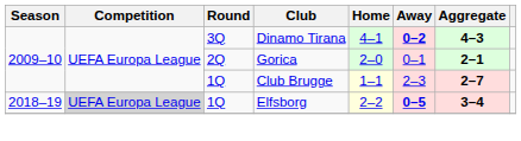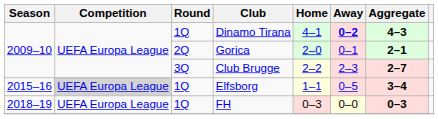 <table class="wikitable">
 <tr>
 <th>Season</th>
 <th>Competition</th>
 <th>Round</th>
 <th>Club</th>
 <th>Home</th>
 <th>Away</th>
 <th>Aggregate</th>
 <th></th>
 </tr>
 <tr>
 <td rowspan="3"><a href='#'>2009–10</a></td>
 <td rowspan="3"><a href='#'>UEFA Europa League</a></td>
-<td><a href='#'>3Q</a></td>
+<td><a href='#'>1Q</a></td>
 <td> <a href='#'>Dinamo Tirana</a></td>
 <td bgcolor="#ddffdd" style="text-align:center;"><a href='#'>4–1</a></td>
 <td bgcolor="#ffdddd" style="text-align:center;"><strong><a href='#'>0–2</a></strong></td>
 <td bgcolor="#ddffdd" style="text-align:center;"><strong>4–3</strong></td>
 <td></td>
 </tr>
 <tr>
 <td><a href='#'>2Q</a></td>
 <td> <a href='#'>Gorica</a></td>
 <td bgcolor="#ddffdd" style="text-align:center;"><a href='#'>2–0</a></td>
 <td bgcolor="#ffdddd" style="text-align:center;"><a href='#'>0–1</a></td>
 <td bgcolor="#ddffdd" style="text-align:center;"><strong>2–1</strong></td>
 <td></td>
 </tr>
 <tr>
-<td><a href='#'>1Q</a></td>
+<td><a href='#'>3Q</a></td>
 <td> <a href='#'>Club Brugge</a></td>
-<td bgcolor="#ffffdd" style="text-align:center;"><a href='#'>1–1</a></td>
+<td bgcolor="#ffffdd" style="text-align:center;"><a href='#'>2–2</a></td>
 <td bgcolor="#ffdddd" style="text-align:center;"><a href='#'>2–3</a></td>
 <td bgcolor="#ffdddd" style="text-align:center;"><strong>2–7</strong></td>
 <td></td>
 </tr>
 <tr>
-<td><a href='#'>2018–19</a></td>
+<td><a href='#'>2015–16</a></td>
 <td style="background: lightgrey;"><a href='#'>UEFA Europa League</a></td>
 <td><a href='#'>1Q</a></td>
 <td> <a href='#'>Elfsborg</a></td>
-<td bgcolor="#ffffdd" style="text-align:center;"><a href='#'>2–2</a></td>
-<td bgcolor="#ffdddd" style="text-align:center;"><strong><a href='#'>0–5</a></strong></td>
+<td bgcolor="#ffffdd" style="text-align:center;"><a href='#'>1–1</a></td>
+<td bgcolor="#ffdddd" style="text-align:center;"><a href='#'>0–5</a></td>
 <td bgcolor="#ffdddd" style="text-align:center;"><strong>3–4</strong></td>
+<td></td>
+</tr>
+<tr>
+<td><a href='#'>2018–19</a></td>
+<td><a href='#'>UEFA Europa League</a></td>
+<td><a href='#'>1Q</a></td>
+<td> <a href='#'>FH</a></td>
+<td bgcolor="#ffdddd" style="text-align:center;">0–3</td>
+<td bgcolor="#ffffdd" style="text-align:center;">0–0</td>
+<td bgcolor="#ffdddd" style="text-align:center;"><strong>0–3</strong></td>
 <td></td>
 </tr>
 <tr>
 </tr>
 </table>
